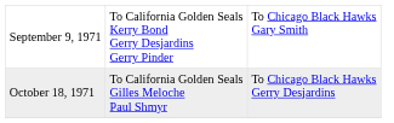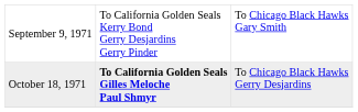 <table border=1 style="border-collapse:collapse" bordercolor="#DFDFDF"  cellpadding="5">
 <tr>
 <td>September 9, 1971</td>
 <td valign="top">To California Golden Seals<br><a href='#'>Kerry Bond</a><br><a href='#'>Gerry Desjardins</a><br><a href='#'>Gerry Pinder</a></td>
 <td valign="top">To <a href='#'>Chicago Black Hawks</a><br><a href='#'>Gary Smith</a></td>
 </tr>
 <tr bgcolor="#eeeeee">
 <td>October 18, 1971</td>
-<td valign="top">To California Golden Seals<br><a href='#'>Gilles Meloche</a><br><a href='#'>Paul Shmyr</a></td>
+<td valign="top"><strong>To California Golden Seals<br><a href='#'>Gilles Meloche</a><br><a href='#'>Paul Shmyr</a></strong></td>
 <td valign="top">To <a href='#'>Chicago Black Hawks</a><br><a href='#'>Gerry Desjardins</a></td>
 </tr>
 <tr>
 </tr>
 </table>
